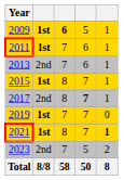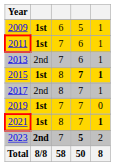 <table class="wikitable" style="text-align:center">
 <tr>
 <th>Year</th>
 <th></th>
 <th width=25></th>
 <th width=25></th>
 <th width=25></th>
 </tr>
 <tr>
 </tr>
 <tr style="background:gold;">
 <td> <a href='#'>2009</a></td>
 <td><strong>1st</strong></td>
-<td><strong>6</strong></td>
+<td>6</td>
 <td>5</td>
 <td>1</td>
 </tr>
 <tr>
 </tr>
 <tr style="background:gold;">
 <td style="border: 3px solid red"> <a href='#'>2011</a></td>
 <td><strong>1st</strong></td>
 <td>7</td>
 <td>6</td>
 <td>1</td>
 </tr>
 <tr>
 </tr>
 <tr style="background:silver;">
 <td> <a href='#'>2013</a></td>
 <td>2nd</td>
 <td>7</td>
 <td>6</td>
 <td>1</td>
 </tr>
 <tr>
 </tr>
 <tr style="background:gold;">
 <td> <a href='#'>2015</a></td>
 <td><strong>1st</strong></td>
 <td>8</td>
-<td>7</td>
-<td>1</td>
+<td><strong>7</strong></td>
+<td><strong>1</strong></td>
 </tr>
 <tr>
 </tr>
 <tr style="background:silver;">
 <td> <a href='#'>2017</a></td>
 <td>2nd</td>
 <td>8</td>
-<td><strong>7</strong></td>
+<td>7</td>
 <td>1</td>
 </tr>
 <tr>
 </tr>
 <tr style="background:gold;">
 <td> <a href='#'>2019</a></td>
 <td><strong>1st</strong></td>
 <td>7</td>
 <td>7</td>
 <td>0</td>
 </tr>
 <tr>
 </tr>
 <tr style="background:gold;">
 <td style="border: 3px solid red"> <a href='#'>2021</a></td>
 <td><strong>1st</strong></td>
 <td>8</td>
 <td>7</td>
 <td><strong>1</strong></td>
 </tr>
 <tr>
 </tr>
 <tr style="background:silver;">
 <td> <a href='#'>2023</a></td>
-<td>2nd</td>
+<td><strong>2nd</strong></td>
 <td>7</td>
-<td>5</td>
+<td><strong>5</strong></td>
 <td>2</td>
 </tr>
 <tr>
 <th>Total</th>
 <th>8/8</th>
 <th>58</th>
 <th>50</th>
 <th>8</th>
 </tr>
 </table>
